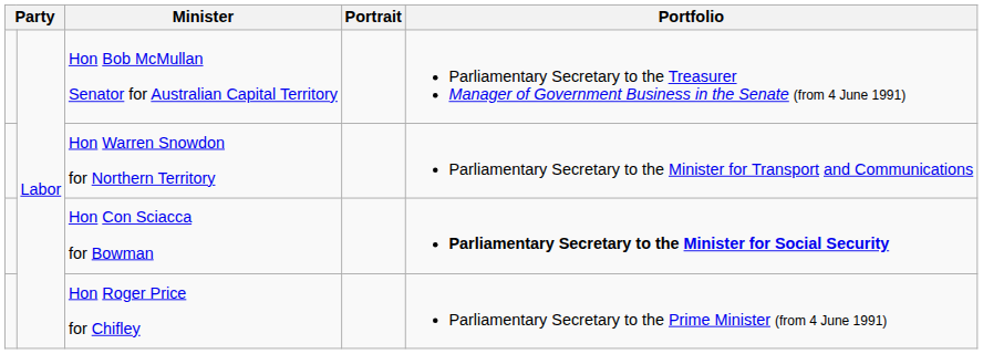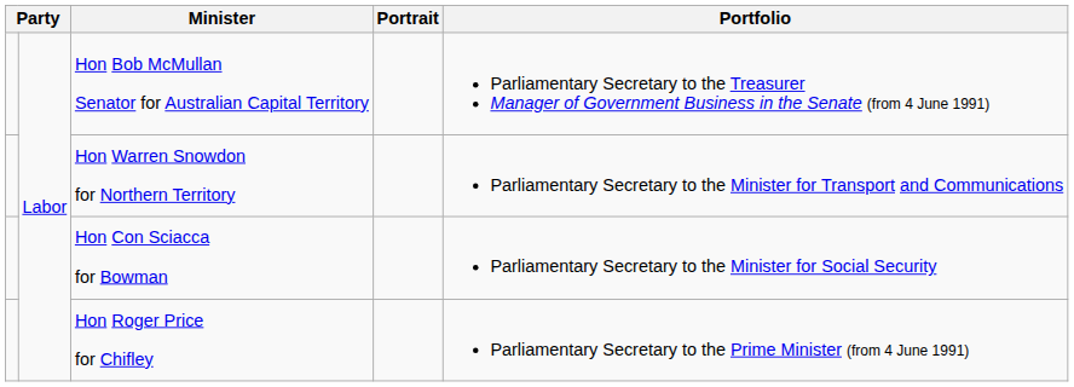 <table class="wikitable sortable">
 <tr>
 <th colspan="2">Party</th>
 <th>Minister</th>
 <th>Portrait</th>
 <th>Portfolio</th>
 </tr>
 <tr>
 <td> </td>
 <td rowspan=4><a href='#'>Labor</a></td>
 <td><a href='#'>Hon</a> <a href='#'>Bob McMullan</a> <br><br><a href='#'>Senator</a> for <a href='#'>Australian Capital Territory</a> <br></td>
 <td></td>
 <td><br><ul><li>Parliamentary Secretary to the <a href='#'>Treasurer</a></li><li><em><a href='#'>Manager of Government Business in the Senate</a></em> <small>(from 4 June 1991)</small></li></ul></td>
 </tr>
 <tr>
 <td> </td>
 <td><a href='#'>Hon</a> <a href='#'>Warren Snowdon</a> <br><br> for <a href='#'>Northern Territory</a> <br></td>
 <td></td>
 <td><br><ul><li>Parliamentary Secretary to the <a href='#'>Minister for Transport</a> <a href='#'>and Communications</a></li></ul></td>
 </tr>
 <tr>
 <td> </td>
 <td><a href='#'>Hon</a> <a href='#'>Con Sciacca</a> <br><br> for <a href='#'>Bowman</a> <br></td>
 <td></td>
-<td><strong><br><ul><li>Parliamentary Secretary to the <a href='#'>Minister for Social Security</a></li></ul></strong></td>
+<td><br><ul><li>Parliamentary Secretary to the <a href='#'>Minister for Social Security</a></li></ul></td>
 </tr>
 <tr>
 <td> </td>
 <td><a href='#'>Hon</a> <a href='#'>Roger Price</a> <br><br> for <a href='#'>Chifley</a> <br></td>
 <td></td>
 <td><br><ul><li>Parliamentary Secretary to the <a href='#'>Prime Minister</a> <small>(from 4 June 1991)</small></li></ul></td>
 </tr>
 </table>
